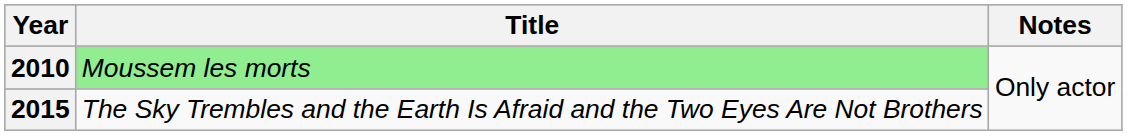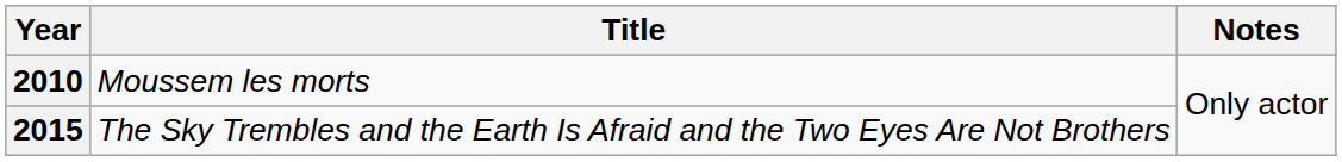 <table class="wikitable">
 <tr>
 <th>Year</th>
 <th>Title</th>
 <th>Notes</th>
 </tr>
 <tr>
 <th align="center">2010</th>
-<td align="left" style="background: lightgreen;"><em>Moussem les morts</em></td>
+<td align="left"><em>Moussem les morts</em></td>
 <td rowspan="2">Only actor</td>
 </tr>
 <tr>
 <th align="center">2015</th>
 <td align="left"><em>The Sky Trembles and the Earth Is Afraid and the Two Eyes Are Not Brothers</em></td>
 </tr>
 </table>
